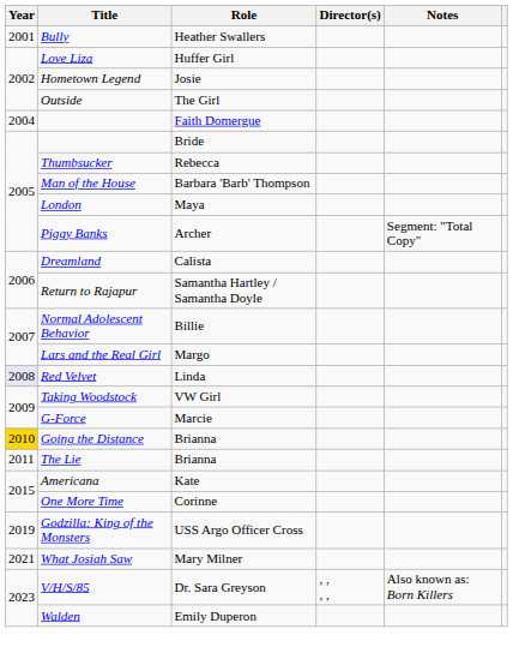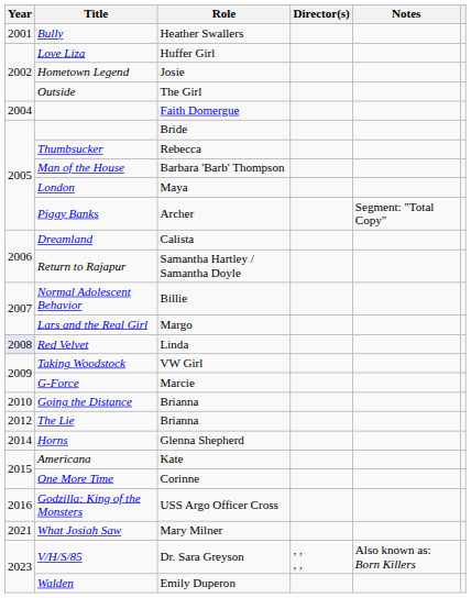 <table class="wikitable sortable">
 <tr>
 <th>Year</th>
 <th>Title</th>
 <th>Role</th>
 <th>Director(s)</th>
 <th class="unsortable">Notes</th>
 <th class="unsortable"></th>
 </tr>
 <tr>
 <td>2001</td>
 <td><em><a href='#'>Bully</a></em></td>
 <td>Heather Swallers</td>
 <td></td>
 <td></td>
 <td style="text-align:center;"></td>
 </tr>
 <tr>
 <td rowspan="3">2002</td>
 <td><em><a href='#'>Love Liza</a></em></td>
 <td>Huffer Girl</td>
 <td></td>
 <td></td>
 <td style="text-align:center;"></td>
 </tr>
 <tr>
 <td><em>Hometown Legend</em></td>
 <td>Josie</td>
 <td></td>
 <td></td>
 <td style="text-align:center;"></td>
 </tr>
 <tr>
 <td><em>Outside</em></td>
 <td>The Girl</td>
 <td></td>
 <td></td>
 <td style="text-align:center;"></td>
 </tr>
 <tr>
 <td>2004</td>
 <td><em></em></td>
 <td><a href='#'>Faith Domergue</a></td>
 <td></td>
 <td></td>
 <td style="text-align:center;"></td>
 </tr>
 <tr>
 <td rowspan="5">2005</td>
 <td><em></em></td>
 <td>Bride</td>
 <td></td>
 <td></td>
 <td style="text-align:center;"></td>
 </tr>
 <tr>
 <td><em><a href='#'>Thumbsucker</a></em></td>
 <td>Rebecca</td>
 <td></td>
 <td></td>
 <td style="text-align:center;"></td>
 </tr>
 <tr>
 <td><em><a href='#'>Man of the House</a></em></td>
 <td>Barbara 'Barb' Thompson</td>
 <td></td>
 <td></td>
 <td style="text-align:center;"></td>
 </tr>
 <tr>
 <td><em><a href='#'>London</a></em></td>
 <td>Maya</td>
 <td></td>
 <td></td>
 <td style="text-align:center;"></td>
 </tr>
 <tr>
 <td><em><a href='#'>Piggy Banks</a></em></td>
 <td>Archer</td>
 <td></td>
 <td>Segment: "Total Copy"</td>
 <td style="text-align:center;"></td>
 </tr>
 <tr>
 <td rowspan="2">2006</td>
 <td><em><a href='#'>Dreamland</a></em></td>
 <td>Calista</td>
 <td></td>
 <td></td>
 <td style="text-align:center;"></td>
 </tr>
 <tr>
 <td><em>Return to Rajapur</em></td>
 <td>Samantha Hartley / Samantha Doyle</td>
 <td></td>
 <td></td>
 <td style="text-align:center;"></td>
 </tr>
 <tr>
 <td rowspan="2">2007</td>
 <td><em><a href='#'>Normal Adolescent Behavior</a></em></td>
 <td>Billie</td>
 <td></td>
 <td></td>
 <td style="text-align:center;"></td>
 </tr>
 <tr>
 <td><em><a href='#'>Lars and the Real Girl</a></em></td>
 <td>Margo</td>
 <td></td>
 <td></td>
 <td style="text-align:center;"></td>
 </tr>
 <tr>
 <td style="background: lavender;">2008</td>
 <td><em><a href='#'>Red Velvet</a></em></td>
 <td>Linda</td>
 <td></td>
 <td></td>
 <td style="text-align:center;"></td>
 </tr>
 <tr>
 <td rowspan="2">2009</td>
 <td><em><a href='#'>Taking Woodstock</a></em></td>
 <td>VW Girl</td>
 <td></td>
 <td></td>
 <td style="text-align:center;"></td>
 </tr>
 <tr>
 <td><em><a href='#'>G-Force</a></em></td>
 <td>Marcie</td>
 <td></td>
 <td></td>
 <td style="text-align:center;"></td>
 </tr>
 <tr>
-<td style="background: gold;">2010</td>
+<td>2010</td>
 <td><em><a href='#'>Going the Distance</a></em></td>
 <td>Brianna</td>
 <td></td>
 <td></td>
 <td style="text-align:center;"></td>
 </tr>
 <tr>
-<td>2011</td>
+<td>2012</td>
 <td><em><a href='#'>The Lie</a></em></td>
 <td>Brianna</td>
+<td></td>
+<td></td>
+<td style="text-align:center;"></td>
+</tr>
+<tr>
+<td>2014</td>
+<td><em><a href='#'>Horns</a></em></td>
+<td>Glenna Shepherd</td>
 <td></td>
 <td></td>
 <td style="text-align:center;"></td>
 </tr>
 <tr>
 <td rowspan="2">2015</td>
 <td><em>Americana</em></td>
 <td>Kate</td>
 <td></td>
 <td></td>
 <td style="text-align:center;"></td>
 </tr>
 <tr>
 <td><em><a href='#'>One More Time</a></em></td>
 <td>Corinne</td>
 <td></td>
 <td></td>
 <td style="text-align:center;"></td>
 </tr>
 <tr>
-<td>2019</td>
+<td>2016</td>
 <td><em><a href='#'>Godzilla: King of the Monsters</a></em></td>
 <td>USS Argo Officer Cross</td>
 <td></td>
 <td></td>
 <td style="text-align:center;"></td>
 </tr>
 <tr>
 <td>2021</td>
 <td><em><a href='#'>What Josiah Saw</a></em></td>
 <td>Mary Milner</td>
 <td></td>
 <td></td>
 <td style="text-align:center;"></td>
 </tr>
 <tr>
 <td rowspan="2">2023</td>
 <td><em><a href='#'>V/H/S/85</a></em></td>
 <td>Dr. Sara Greyson</td>
 <td>, ,<br>, ,<br> </td>
 <td>Also known as: <em>Born Killers</em></td>
 <td style="test-aligh:center;"></td>
 </tr>
 <tr>
 <td><em><a href='#'>Walden</a></em></td>
 <td>Emily Duperon</td>
 <td></td>
 <td></td>
 <td></td>
 </tr>
 </table>
